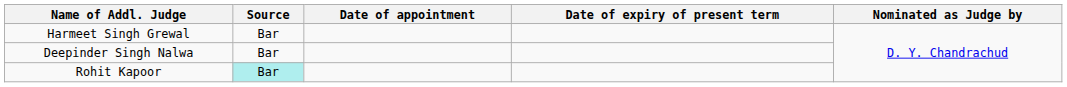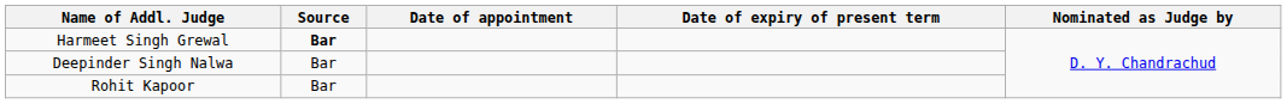 <table class="wikitable sortable static-row-numbers static-row-header" style="text-align:center" width="92%">
 <tr>
 <th>Name of Addl. Judge</th>
 <th>Source</th>
 <th>Date of appointment</th>
 <th>Date of expiry of present term</th>
 <th>Nominated as Judge by</th>
 </tr>
 <tr>
 <td>Harmeet Singh Grewal</td>
-<td>Bar</td>
+<td><strong>Bar</strong></td>
 <td></td>
 <td></td>
 <td rowspan="3"><a href='#'>D. Y. Chandrachud</a></td>
 </tr>
 <tr>
 <td>Deepinder Singh Nalwa</td>
 <td>Bar</td>
 <td></td>
 <td></td>
 </tr>
 <tr>
 <td>Rohit Kapoor</td>
-<td style="background: paleturquoise;">Bar</td>
+<td>Bar</td>
 <td></td>
 <td></td>
 </tr>
 </table>
